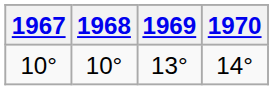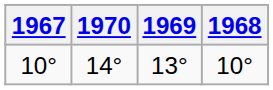 <table class="wikitable" style="margin:0.5em ; font-size:80%">
 <tr>
 <th><a href='#'>1967</a></th>
+<th><a href='#'>1970</a></th>
+<th><a href='#'>1969</a></th>
 <th><a href='#'>1968</a></th>
-<th><a href='#'>1969</a></th>
-<th><a href='#'>1970</a></th>
 </tr>
 <tr>
 <td align=center>10°</td>
+<td align=center>14°</td>
+<td align=center>13°</td>
 <td align=center>10°</td>
-<td align=center>13°</td>
-<td align=center>14°</td>
 </tr>
 </table>
